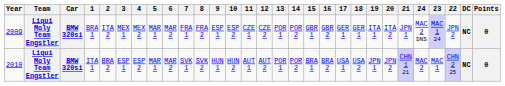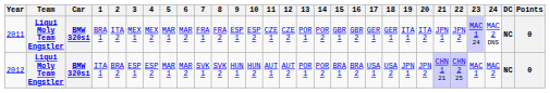 <table class="wikitable" style="text-align:center; font-size:85%">
 <tr>
 <th>Year</th>
 <th>Team</th>
 <th>Car</th>
 <th>1</th>
 <th>2</th>
 <th>3</th>
 <th>4</th>
 <th>5</th>
 <th>6</th>
 <th>7</th>
 <th>8</th>
 <th>9</th>
 <th>10</th>
 <th>11</th>
 <th>12</th>
 <th>13</th>
 <th>14</th>
 <th>15</th>
 <th>16</th>
 <th>17</th>
 <th>18</th>
 <th>19</th>
 <th>20</th>
 <th>21</th>
+<th>22</th>
+<th>23</th>
 <th>24</th>
-<th>23</th>
-<th>22</th>
 <th>DC</th>
 <th>Points</th>
 </tr>
 <tr>
-<td><a href='#'>2009</a></td>
+<td><a href='#'>2011</a></td>
 <th><a href='#'>Liqui Moly Team Engstler</a></th>
 <th><a href='#'>BMW 320si</a></th>
 <td><a href='#'>BRA<br>1</a></td>
 <td><a href='#'>ITA<br>2</a></td>
 <td><a href='#'>MEX<br>1</a></td>
 <td><a href='#'>MEX<br>2</a></td>
 <td><a href='#'>MAR<br>1</a></td>
 <td><a href='#'>MAR<br>2</a></td>
 <td><a href='#'>FRA<br>1</a></td>
 <td><a href='#'>FRA<br>2</a></td>
 <td><a href='#'>ESP<br>1</a></td>
 <td><a href='#'>ESP<br>2</a></td>
 <td><a href='#'>CZE<br>1</a></td>
 <td><a href='#'>CZE<br>2</a></td>
 <td><a href='#'>POR<br>1</a></td>
 <td><a href='#'>POR<br>2</a></td>
 <td><a href='#'>GBR<br>1</a></td>
 <td><a href='#'>GBR<br>2</a></td>
 <td><a href='#'>GER<br>1</a></td>
 <td><a href='#'>GER<br>1</a></td>
 <td><a href='#'>ITA<br>1</a></td>
 <td><a href='#'>ITA<br>2</a></td>
 <td><a href='#'>JPN<br>1</a></td>
+<td><a href='#'>JPN<br>2</a></td>
+<td style="background:#cfcfff;"><a href='#'>MAC<br>1</a><br><small>24</small></td>
 <td style="background:#ffffff;"><a href='#'>MAC<br>2</a><br><small>DNS</small></td>
-<td style="background:#cfcfff;"><a href='#'>MAC<br>1</a><br><small>24</small></td>
-<td><a href='#'>JPN<br>2</a></td>
 <th>NC</th>
 <th>0</th>
 </tr>
 <tr>
-<td><a href='#'>2010</a></td>
+<td><a href='#'>2012</a></td>
 <th><a href='#'>Liqui Moly Team Engstler</a></th>
 <th><a href='#'>BMW 320si</a></th>
 <td><a href='#'>ITA<br>1</a></td>
 <td><a href='#'>BRA<br>2</a></td>
 <td><a href='#'>ESP<br>1</a></td>
 <td><a href='#'>ESP<br>2</a></td>
 <td><a href='#'>MAR<br>1</a></td>
 <td><a href='#'>MAR<br>2</a></td>
 <td><a href='#'>SVK<br>1</a></td>
 <td><a href='#'>SVK<br>2</a></td>
 <td><a href='#'>HUN<br>1</a></td>
 <td><a href='#'>HUN<br>2</a></td>
 <td><a href='#'>AUT<br>1</a></td>
 <td><a href='#'>AUT<br>2</a></td>
 <td><a href='#'>POR<br>1</a></td>
 <td><a href='#'>POR<br>2</a></td>
 <td><a href='#'>BRA<br>1</a></td>
 <td><a href='#'>BRA<br>2</a></td>
 <td><a href='#'>USA<br>1</a></td>
 <td><a href='#'>USA<br>2</a></td>
 <td><a href='#'>JPN<br>1</a></td>
 <td><a href='#'>JPN<br>2</a></td>
 <td style="background:#cfcfff;"><a href='#'>CHN<br>1</a><br><small>21</small></td>
+<td style="background:#cfcfff;"><a href='#'>CHN<br>2</a><br><small>25</small></td>
+<td><a href='#'>MAC<br>1</a></td>
 <td><a href='#'>MAC<br>2</a></td>
-<td><a href='#'>MAC<br>1</a></td>
-<td style="background:#cfcfff;"><a href='#'>CHN<br>2</a><br><small>25</small></td>
 <th>NC</th>
 <th>0</th>
 </tr>
 </table>
